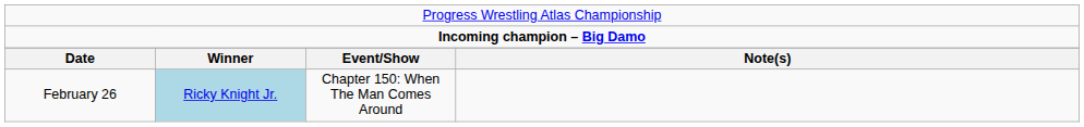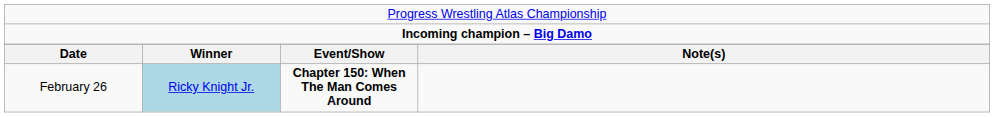 <table class="wikitable" style="text-align:center; width:100%;">
 <tr>
 <td colspan="5" style="text-align: center;"><a href='#'>Progress Wrestling Atlas Championship</a></td>
 </tr>
 <tr>
 <td colspan="5" style="text-align: center;"><strong>Incoming champion – <a href='#'>Big Damo</a></strong></td>
 </tr>
 <tr>
 </tr>
 <tr>
 <th width=14%>Date</th>
 <th width=14%>Winner</th>
 <th width=14%>Event/Show</th>
 <th width=58%>Note(s)</th>
 </tr>
 <tr>
 <td>February 26</td>
 <td style="background: lightblue;"><a href='#'>Ricky Knight Jr.</a></td>
-<td>Chapter 150: When The Man Comes Around</td>
+<td><strong>Chapter 150: When The Man Comes Around</strong></td>
 <td></td>
 </tr>
 </table>
